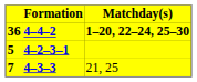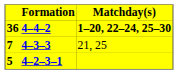 <table class="toccolours" border="0" cellpadding="2" cellspacing="0" align="center" style="margin: 0.5em 0 1em 1em; background: #000000; border: 1px #aaaaaa solid;">
 <tr bgcolor=#FFFF00>
 <th></th>
 <th>Formation</th>
 <th>Matchday(s)</th>
 </tr>
 <tr bgcolor=#FFFF00>
 <td><strong>36</strong></td>
 <td><a href='#'><span><strong>4–4–2</strong></span></a></td>
 <td><strong>1–20, 22–24, 25–30</strong></td>
 </tr>
 <tr bgcolor=#FFFF00>
+<td><strong>7</strong></td>
+<td><a href='#'><span><strong>4–3–3</strong></span></a></td>
+<td>21, 25</td>
+</tr>
+<tr bgcolor=#FFFF00>
 <td><strong>5</strong></td>
 <td><a href='#'><span><strong>4–2–3–1</strong></span></a></td>
 <td></td>
 </tr>
-<tr bgcolor=#FFFF00>
-<td><strong>7</strong></td>
-<td><a href='#'><span><strong>4–3–3</strong></span></a></td>
-<td>21, 25</td>
-</tr>
 </table>
